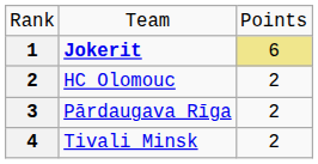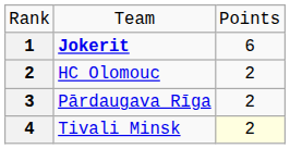 <table class="wikitable" style="text-align: center;">
 <tr>
 <td>Rank</td>
 <td>Team</td>
 <td>Points</td>
 </tr>
 <tr>
 <th>1</th>
 <td style="text-align: left;"> <strong><a href='#'>Jokerit</a></strong></td>
-<td style="background: khaki;">6</td>
+<td>6</td>
 </tr>
 <tr>
 <th>2</th>
 <td style="text-align: left;"> <a href='#'>HC Olomouc</a></td>
 <td>2</td>
 </tr>
 <tr>
 <th>3</th>
 <td style="text-align: left;"> <a href='#'>Pārdaugava Rīga</a></td>
 <td>2</td>
 </tr>
 <tr>
 <th>4</th>
 <td style="text-align: left;"> <a href='#'>Tivali Minsk</a></td>
-<td>2</td>
+<td style="background: lightyellow;">2</td>
 </tr>
 </table>
